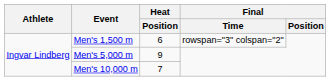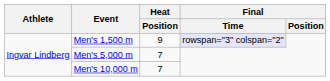 <table class="wikitable" border="1" style="font-size:90%">
 <tr>
 <th rowspan="2">Athlete</th>
 <th rowspan="2">Event</th>
 <th>Heat</th>
 <th colspan="2">Final</th>
 </tr>
 <tr>
 <th>Position</th>
 <th>Time</th>
 <th>Position</th>
 </tr>
 <tr>
 <td rowspan="3"><a href='#'>Ingvar Lindberg</a></td>
 <td><a href='#'>Men's 1,500 m</a></td>
-<td align=center>6</td>
-<td>rowspan="3" colspan="2" </td>
+<td align=center>9</td>
+<td style="background: lavender;">rowspan="3" colspan="2" </td>
 </tr>
 <tr>
 <td><a href='#'>Men's 5,000 m</a></td>
-<td align=center>9</td>
+<td align=center>7</td>
 </tr>
 <tr>
 <td><a href='#'>Men's 10,000 m</a></td>
 <td align=center>7</td>
 </tr>
 </table>
